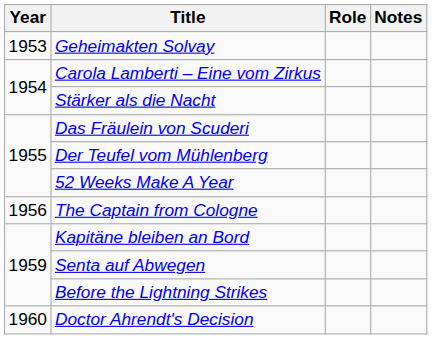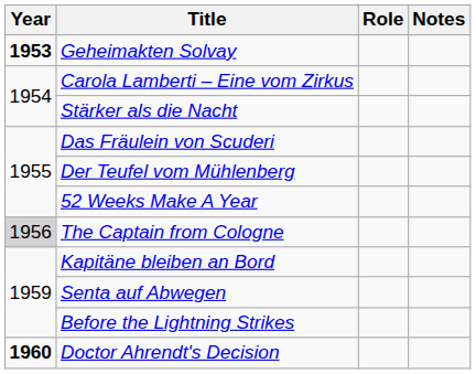 <table class="wikitable sortable">
 <tr>
 <th>Year</th>
 <th>Title</th>
 <th>Role</th>
 <th class="unsortable">Notes</th>
 </tr>
 <tr>
-<td>1953</td>
+<td><strong>1953</strong></td>
 <td><em><a href='#'>Geheimakten Solvay</a></em></td>
 <td></td>
 <td></td>
 </tr>
 <tr>
 <td rowspan=2>1954</td>
 <td><em><a href='#'>Carola Lamberti – Eine vom Zirkus</a></em></td>
 <td></td>
 <td></td>
 </tr>
 <tr>
 <td><em><a href='#'>Stärker als die Nacht</a></em></td>
 <td></td>
 <td></td>
 </tr>
 <tr>
 <td rowspan=3>1955</td>
 <td><em><a href='#'>Das Fräulein von Scuderi</a></em></td>
 <td></td>
 <td></td>
 </tr>
 <tr>
 <td><em><a href='#'>Der Teufel vom Mühlenberg</a></em></td>
 <td></td>
 <td></td>
 </tr>
 <tr>
 <td><em><a href='#'>52 Weeks Make A Year</a></em></td>
 <td></td>
 <td></td>
 </tr>
 <tr>
-<td>1956</td>
+<td style="background: lightgrey;">1956</td>
 <td><em><a href='#'>The Captain from Cologne</a></em></td>
 <td></td>
 <td></td>
 </tr>
 <tr>
 <td rowspan=3>1959</td>
 <td><em><a href='#'>Kapitäne bleiben an Bord</a></em></td>
 <td></td>
 <td></td>
 </tr>
 <tr>
 <td><em><a href='#'>Senta auf Abwegen</a></em></td>
 <td></td>
 <td></td>
 </tr>
 <tr>
 <td><em><a href='#'>Before the Lightning Strikes</a></em></td>
 <td></td>
 <td></td>
 </tr>
 <tr>
-<td>1960</td>
+<td><strong>1960</strong></td>
 <td><em><a href='#'>Doctor Ahrendt's Decision</a></em></td>
 <td></td>
 <td></td>
 </tr>
 </table>
